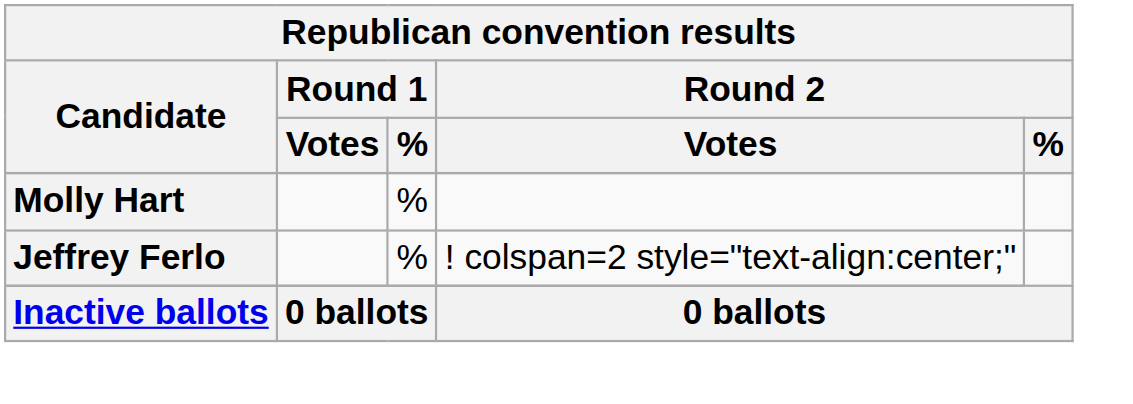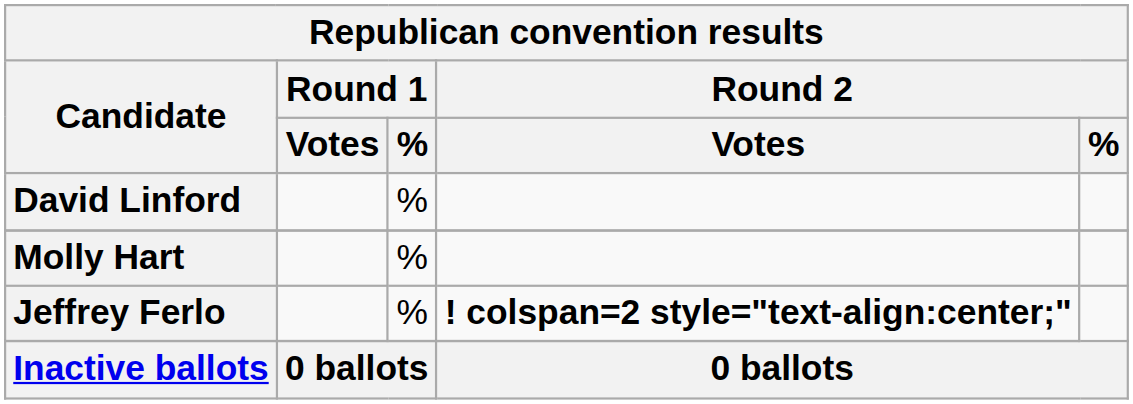 <table class="wikitable sortable">
 <tr>
 <th colspan="5">Republican convention results</th>
 </tr>
 <tr style="background:#eee; text-align:center;">
 <th rowspan="2" style="text-align:center;">Candidate</th>
 <th colspan="2" style="text-align:center;">Round 1</th>
 <th colspan="2" style="text-align:center;">Round 2</th>
 </tr>
 <tr>
 <th>Votes</th>
 <th>%</th>
 <th>Votes</th>
 <th>%</th>
 </tr>
 <tr>
+<th scope="row" style="text-align:left;">David Linford</th>
+<td></td>
+<td>%</td>
+<td></td>
+<td></td>
+</tr>
+<tr>
 </tr>
 <tr>
 <th scope="row" style="text-align:left;">Molly Hart</th>
 <td></td>
 <td>%</td>
 <td></td>
 <td></td>
 </tr>
 <tr>
 <th scope="row" style="text-align:left;">Jeffrey Ferlo</th>
 <td></td>
 <td>%</td>
-<td>! colspan=2 style="text-align:center;" </td>
+<td><strong>! colspan=2 style="text-align:center;" </strong></td>
 </tr>
 <tr>
 </tr>
 <tr>
 </tr>
 <tr>
 </tr>
 <tr>
 <th scope="row" style="text-align:left;"><a href='#'>Inactive ballots</a></th>
 <th colspan="2">0 ballots</th>
 <th colspan="2">0 ballots</th>
 </tr>
 </table>
